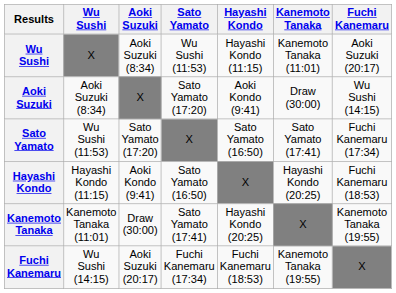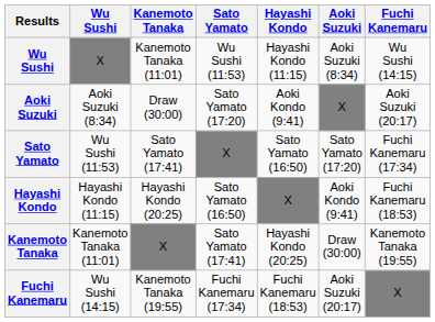 <table class="wikitable" style="text-align:center; margin: 1em auto 1em auto">
 <tr>
 <th>Results</th>
 <th><a href='#'>Wu</a><br><a href='#'>Sushi</a></th>
-<th><a href='#'>Aoki</a><br><a href='#'>Suzuki</a></th>
+<th><a href='#'>Kanemoto</a><br><a href='#'>Tanaka</a></th>
 <th><a href='#'>Sato</a><br><a href='#'>Yamato</a></th>
 <th><a href='#'>Hayashi</a><br><a href='#'>Kondo</a></th>
-<th><a href='#'>Kanemoto</a><br><a href='#'>Tanaka</a></th>
+<th><a href='#'>Aoki</a><br><a href='#'>Suzuki</a></th>
 <th><a href='#'>Fuchi</a><br><a href='#'>Kanemaru</a></th>
 </tr>
 <tr>
 <th><a href='#'>Wu</a><br><a href='#'>Sushi</a></th>
 <td bgcolor=grey>X</td>
-<td>Aoki<br>Suzuki<br>(8:34)</td>
+<td>Kanemoto<br>Tanaka<br>(11:01)</td>
 <td>Wu<br>Sushi<br>(11:53)</td>
 <td>Hayashi<br>Kondo<br>(11:15)</td>
-<td>Kanemoto<br>Tanaka<br>(11:01)</td>
-<td>Aoki<br>Suzuki<br>(20:17)</td>
+<td>Aoki<br>Suzuki<br>(8:34)</td>
+<td>Wu<br>Sushi<br>(14:15)</td>
 </tr>
 <tr>
 <th><a href='#'>Aoki</a><br><a href='#'>Suzuki</a></th>
 <td>Aoki<br>Suzuki<br>(8:34)</td>
-<td bgcolor=grey>X</td>
+<td>Draw<br>(30:00)</td>
 <td>Sato<br>Yamato<br>(17:20)</td>
 <td>Aoki<br>Kondo<br>(9:41)</td>
-<td>Draw<br>(30:00)</td>
-<td>Wu<br>Sushi<br>(14:15)</td>
+<td bgcolor=grey>X</td>
+<td>Aoki<br>Suzuki<br>(20:17)</td>
 </tr>
 <tr>
 <th><a href='#'>Sato</a><br><a href='#'>Yamato</a></th>
 <td>Wu<br>Sushi<br>(11:53)</td>
-<td>Sato<br>Yamato<br>(17:20)</td>
+<td>Sato<br>Yamato<br>(17:41)</td>
 <td bgcolor=grey>X</td>
 <td>Sato<br>Yamato<br>(16:50)</td>
-<td>Sato<br>Yamato<br>(17:41)</td>
+<td>Sato<br>Yamato<br>(17:20)</td>
 <td>Fuchi<br>Kanemaru<br>(17:34)</td>
 </tr>
 <tr>
 <th><a href='#'>Hayashi</a><br><a href='#'>Kondo</a></th>
 <td>Hayashi<br>Kondo<br>(11:15)</td>
-<td>Aoki<br>Kondo<br>(9:41)</td>
+<td>Hayashi<br>Kondo<br>(20:25)</td>
 <td>Sato<br>Yamato<br>(16:50)</td>
 <td bgcolor=grey>X</td>
-<td>Hayashi<br>Kondo<br>(20:25)</td>
+<td>Aoki<br>Kondo<br>(9:41)</td>
 <td>Fuchi<br>Kanemaru<br>(18:53)</td>
 </tr>
 <tr>
 <th><a href='#'>Kanemoto</a><br><a href='#'>Tanaka</a></th>
 <td>Kanemoto<br>Tanaka<br>(11:01)</td>
-<td>Draw<br>(30:00)</td>
+<td bgcolor=grey>X</td>
 <td>Sato<br>Yamato<br>(17:41)</td>
 <td>Hayashi<br>Kondo<br>(20:25)</td>
-<td bgcolor=grey>X</td>
+<td>Draw<br>(30:00)</td>
 <td>Kanemoto<br>Tanaka<br>(19:55)</td>
 </tr>
 <tr>
 <th><a href='#'>Fuchi</a><br><a href='#'>Kanemaru</a></th>
 <td>Wu<br>Sushi<br>(14:15)</td>
-<td>Aoki<br>Suzuki<br>(20:17)</td>
+<td>Kanemoto<br>Tanaka<br>(19:55)</td>
 <td>Fuchi<br>Kanemaru<br>(17:34)</td>
 <td>Fuchi<br>Kanemaru<br>(18:53)</td>
-<td>Kanemoto<br>Tanaka<br>(19:55)</td>
+<td>Aoki<br>Suzuki<br>(20:17)</td>
 <td bgcolor=grey>X</td>
 </tr>
 </table>
